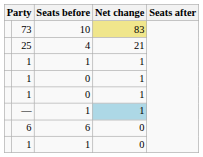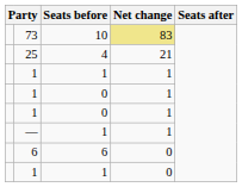 <table class=wikitable style="text-align:right">
 <tr>
 <th colspan="2">Party</th>
 <th>Seats before</th>
 <th>Net change</th>
 <th>Seats after</th>
 </tr>
 <tr>
 <td></td>
 <td>73</td>
 <td> 10</td>
 <td style="background: khaki;">83</td>
 </tr>
 <tr>
 <td></td>
 <td>25</td>
 <td> 4</td>
 <td>21</td>
 </tr>
 <tr>
 <td></td>
 <td>1</td>
 <td> 1</td>
 <td>1</td>
 </tr>
 <tr>
 <td></td>
 <td>1</td>
 <td> 0</td>
 <td>1</td>
 </tr>
 <tr>
 <td></td>
 <td>1</td>
 <td> 0</td>
 <td>1</td>
 </tr>
 <tr>
 <td></td>
 <td>—</td>
 <td> 1</td>
-<td style="background: lightblue;">1</td>
+<td>1</td>
 </tr>
 <tr>
 <td></td>
 <td>6</td>
 <td> 6</td>
 <td>0</td>
 </tr>
 <tr>
 <td></td>
 <td>1</td>
 <td> 1</td>
 <td>0</td>
 </tr>
 </table>
